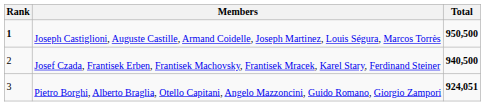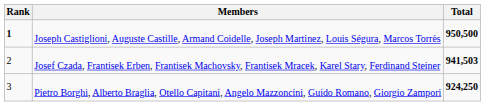 <table class="wikitable">
 <tr>
 <th>Rank</th>
 <th>Members</th>
 <th>Total</th>
 </tr>
 <tr>
 <td><strong>1</strong></td>
 <td><br><a href='#'>Joseph Castiglioni</a>, <a href='#'>Auguste Castille</a>, <a href='#'>Armand Coidelle</a>, <a href='#'>Joseph Martinez</a>, <a href='#'>Louis Ségura</a>, <a href='#'>Marcos Torrès</a></td>
 <td><strong>950,500</strong></td>
 </tr>
 <tr>
 <td>2</td>
 <td> <br><a href='#'>Josef Czada</a>, <a href='#'>Frantisek Erben</a>, <a href='#'>Frantisek Machovsky</a>, <a href='#'>Frantisek Mracek</a>, <a href='#'>Karel Stary</a>, <a href='#'>Ferdinand Steiner</a></td>
-<td><strong>940,500</strong></td>
+<td><strong>941,503</strong></td>
 </tr>
 <tr>
 <td>3</td>
 <td><br><a href='#'>Pietro Borghi</a>, <a href='#'>Alberto Braglia</a>, <a href='#'>Otello Capitani</a>, <a href='#'>Angelo Mazzoncini</a>, <a href='#'>Guido Romano</a>, <a href='#'>Giorgio Zampori</a></td>
-<td><strong>924,051</strong></td>
+<td><strong>924,250</strong></td>
 </tr>
 </table>
